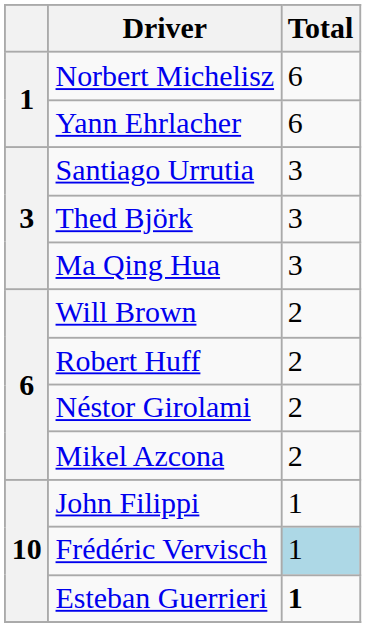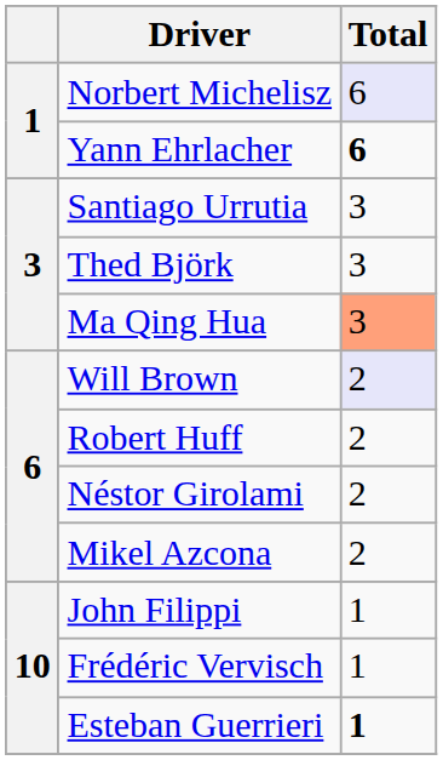 <table class="wikitable">
 <tr>
 <th></th>
 <th>Driver</th>
 <th>Total</th>
 </tr>
 <tr>
 <th rowspan="2">1</th>
 <td> <a href='#'>Norbert Michelisz</a></td>
-<td>6</td>
+<td style="background: lavender;">6</td>
 </tr>
 <tr>
 <td> <a href='#'>Yann Ehrlacher</a></td>
-<td>6</td>
+<td><strong>6</strong></td>
 </tr>
 <tr>
 <th rowspan="3">3</th>
 <td> <a href='#'>Santiago Urrutia</a></td>
 <td>3</td>
 </tr>
 <tr>
 <td> <a href='#'>Thed Björk</a></td>
 <td>3</td>
 </tr>
 <tr>
 <td> <a href='#'>Ma Qing Hua</a></td>
-<td>3</td>
+<td style="background: lightsalmon;">3</td>
 </tr>
 <tr>
 <th rowspan="4">6</th>
 <td> <a href='#'>Will Brown</a></td>
-<td>2</td>
+<td style="background: lavender;">2</td>
 </tr>
 <tr>
 <td> <a href='#'>Robert Huff</a></td>
 <td>2</td>
 </tr>
 <tr>
 <td> <a href='#'>Néstor Girolami</a></td>
 <td>2</td>
 </tr>
 <tr>
 <td> <a href='#'>Mikel Azcona</a></td>
 <td>2</td>
 </tr>
 <tr>
 <th rowspan="3">10</th>
 <td> <a href='#'>John Filippi</a></td>
 <td>1</td>
 </tr>
 <tr>
 <td> <a href='#'>Frédéric Vervisch</a></td>
-<td style="background: lightblue;">1</td>
+<td>1</td>
 </tr>
 <tr>
 <td> <a href='#'>Esteban Guerrieri</a></td>
 <td><strong>1</strong></td>
 </tr>
 <tr>
 </tr>
 </table>
